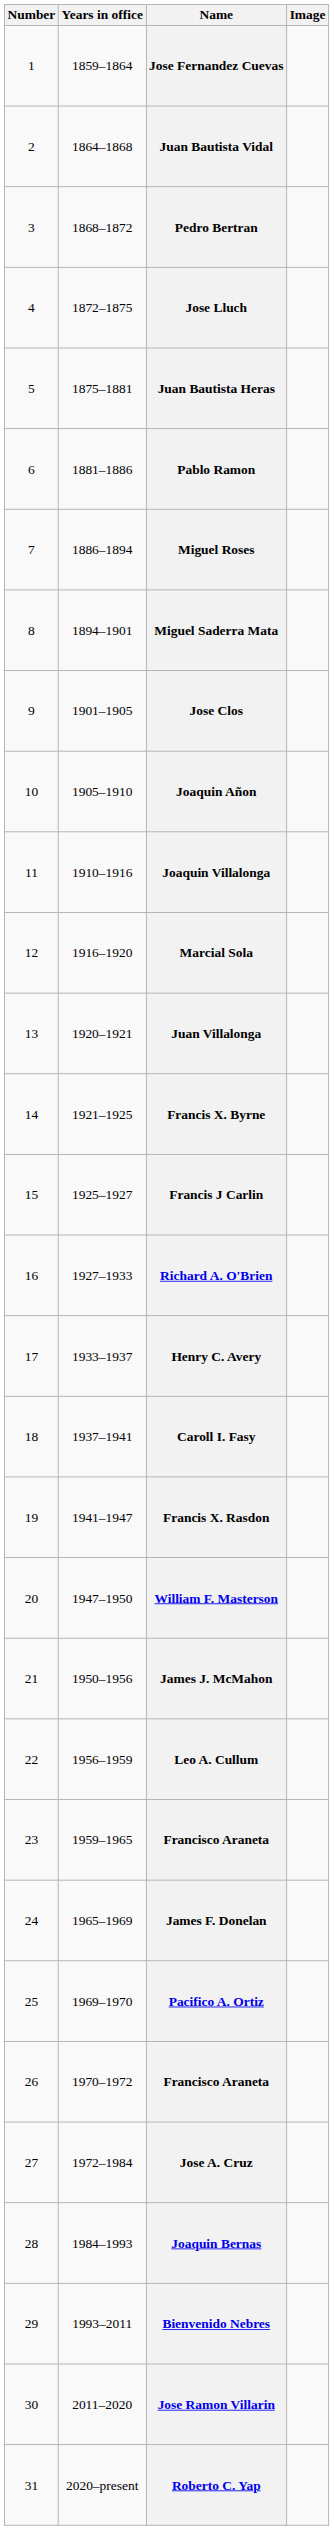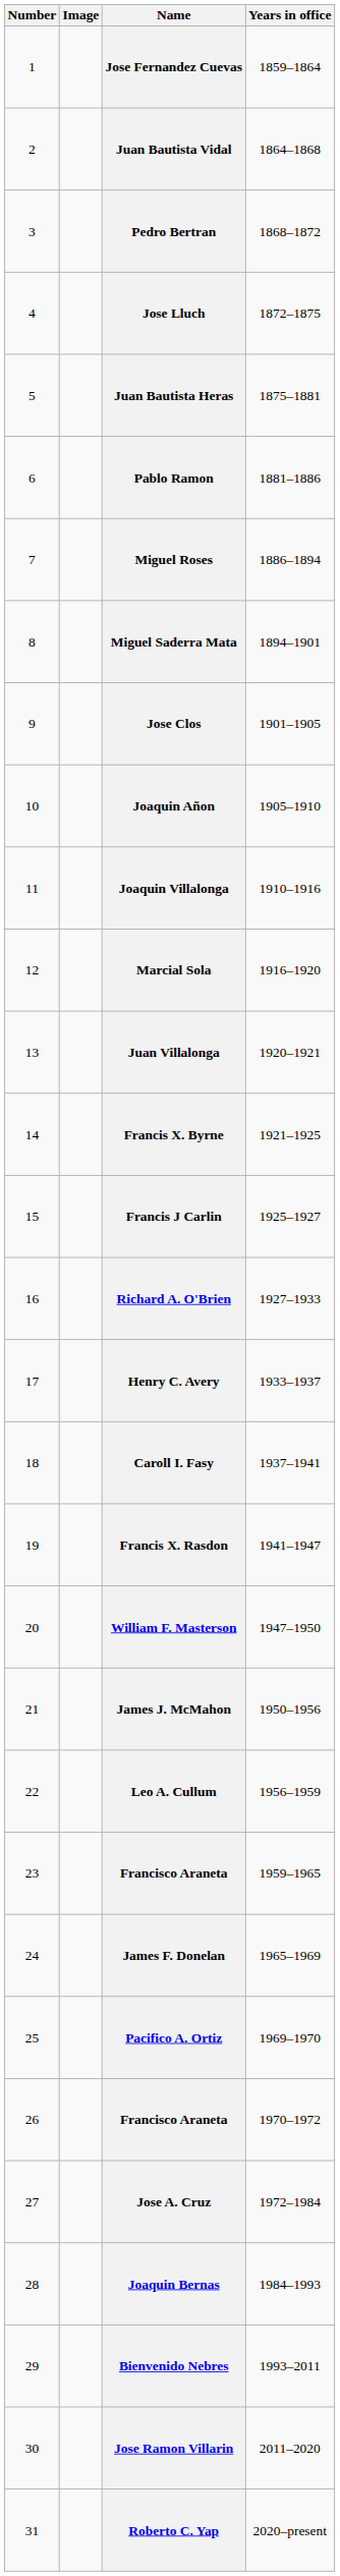 <table class="wikitable sortable" style="text-align:center;" summary="Columns list the order. name tenure. and notes about presidents of the university">
 <tr>
 <th scope="col">Number</th>
+<th scope="col">Image</th>
+<th scope="col">Name</th>
 <th scope="col">Years in office</th>
-<th scope="col">Name</th>
-<th scope="col">Image</th>
 </tr>
 <tr style="height:6em;">
 <td>1</td>
+<td></td>
+<th scope="row" data-sort-value="Monteith, John">Jose Fernandez Cuevas</th>
 <td>1859–1864</td>
-<th scope="row" data-sort-value="Monteith, John">Jose Fernandez Cuevas</th>
-<td></td>
 </tr>
 <tr style="height:6em;">
 <td>2</td>
+<td></td>
+<th scope="row">Juan Bautista Vidal</th>
 <td>1864–1868</td>
-<th scope="row">Juan Bautista Vidal</th>
-<td></td>
 </tr>
 <tr style="height:6em;">
 <td>3</td>
+<td></td>
+<th scope="row">Pedro Bertran</th>
 <td>1868–1872</td>
-<th scope="row">Pedro Bertran</th>
-<td></td>
 </tr>
 <tr style="height:6em;">
 <td>4</td>
+<td></td>
+<th scope="row" data-sort-value="Tappan, Henry Philip">Jose Lluch</th>
 <td>1872–1875</td>
-<th scope="row" data-sort-value="Tappan, Henry Philip">Jose Lluch</th>
-<td></td>
 </tr>
 <tr style="height:6em;">
 <td>5</td>
+<td></td>
+<th scope="row" data-sort-value="Haven, Erastus Otis">Juan Bautista Heras</th>
 <td>1875–1881</td>
-<th scope="row" data-sort-value="Haven, Erastus Otis">Juan Bautista Heras</th>
-<td></td>
 </tr>
 <tr style="height:6em;">
 <td>6</td>
+<td></td>
+<th scope="row" data-sort-value="Frieze, Henry S.">Pablo Ramon</th>
 <td>1881–1886</td>
-<th scope="row" data-sort-value="Frieze, Henry S.">Pablo Ramon</th>
-<td></td>
 </tr>
 <tr style="height:6em;">
 <td>7</td>
+<td></td>
+<th scope="row" data-sort-value="Angell, James Burrill">Miguel Roses</th>
 <td>1886–1894</td>
-<th scope="row" data-sort-value="Angell, James Burrill">Miguel Roses</th>
-<td></td>
 </tr>
 <tr style="height:6em;">
 <td>8</td>
+<td></td>
+<th scope="row" data-sort-value="Frieze, Henry S.">Miguel Saderra Mata</th>
 <td>1894–1901</td>
-<th scope="row" data-sort-value="Frieze, Henry S.">Miguel Saderra Mata</th>
-<td></td>
 </tr>
 <tr style="height:6em;">
 <td>9</td>
+<td></td>
+<th scope="row" data-sort-value="Frieze, Henry S.">Jose Clos</th>
 <td>1901–1905</td>
-<th scope="row" data-sort-value="Frieze, Henry S.">Jose Clos</th>
-<td></td>
 </tr>
 <tr style="height:6em;">
 <td>10</td>
+<td></td>
+<th scope="row" data-sort-value="Hutchins, Harry Burns">Joaquin A<strong>ñon</strong></th>
 <td>1905–1910</td>
-<th scope="row" data-sort-value="Hutchins, Harry Burns">Joaquin A<strong>ñon</strong></th>
-<td></td>
 </tr>
 <tr style="height:6em;">
 <td>11</td>
+<td></td>
+<th scope="row" data-sort-value="Hutchins, Harry Burns">Joaquin Villalonga</th>
 <td>1910–1916</td>
-<th scope="row" data-sort-value="Hutchins, Harry Burns">Joaquin Villalonga</th>
-<td></td>
 </tr>
 <tr style="height:6em;">
 <td>12</td>
+<td></td>
+<th scope="row" data-sort-value="Hutchins, Harry Burns">Marcial Sola</th>
 <td>1916–1920</td>
-<th scope="row" data-sort-value="Hutchins, Harry Burns">Marcial Sola</th>
-<td></td>
 </tr>
 <tr style="height:6em;">
 <td>13</td>
+<td></td>
+<th scope="row" data-sort-value="Burton, Marion LeRoy">Juan Villalonga</th>
 <td>1920–1921</td>
-<th scope="row" data-sort-value="Burton, Marion LeRoy">Juan Villalonga</th>
-<td></td>
 </tr>
 <tr style="height:6em;">
 <td>14</td>
+<td></td>
+<th scope="row" data-sort-value="Lloyd, Alfred Henry">Francis X. Byrne</th>
 <td>1921–1925</td>
-<th scope="row" data-sort-value="Lloyd, Alfred Henry">Francis X. Byrne</th>
-<td></td>
 </tr>
 <tr style="height:6em;">
 <td>15</td>
+<td></td>
+<th scope="row" data-sort-value="Little, Clarence Cook">Francis J Carlin</th>
 <td>1925–1927</td>
-<th scope="row" data-sort-value="Little, Clarence Cook">Francis J Carlin</th>
-<td></td>
 </tr>
 <tr style="height:6em;">
 <td>16</td>
+<td></td>
+<th scope="row" data-sort-value="Ruthven, Alexander Grant"><a href='#'>Richard A. O'Brien</a></th>
 <td>1927–1933</td>
-<th scope="row" data-sort-value="Ruthven, Alexander Grant"><a href='#'>Richard A. O'Brien</a></th>
-<td></td>
 </tr>
 <tr style="height:6em;">
 <td>17</td>
+<td></td>
+<th scope="row" data-sort-value="Hatcher, Harlan">Henry C. Avery</th>
 <td>1933–1937</td>
-<th scope="row" data-sort-value="Hatcher, Harlan">Henry C. Avery</th>
-<td></td>
 </tr>
 <tr style="height:6em;">
 <td>18</td>
+<td></td>
+<th scope="row" data-sort-value="Fleming, Robben Wright">Caroll I. Fasy</th>
 <td>1937–1941</td>
-<th scope="row" data-sort-value="Fleming, Robben Wright">Caroll I. Fasy</th>
-<td></td>
 </tr>
 <tr style="height:6em;">
 <td>19</td>
+<td></td>
+<th scope="row" data-sort-value="Smith, Allan Frederick">Francis X. Rasdon</th>
 <td>1941–1947</td>
-<th scope="row" data-sort-value="Smith, Allan Frederick">Francis X. Rasdon</th>
-<td></td>
 </tr>
 <tr style="height:6em;">
 <td>20</td>
+<td></td>
+<th scope="row" data-sort-value="Shapiro, Harold Tafler"><a href='#'>William F. Masterson</a></th>
 <td>1947–1950</td>
-<th scope="row" data-sort-value="Shapiro, Harold Tafler"><a href='#'>William F. Masterson</a></th>
-<td></td>
 </tr>
 <tr style="height:6em;">
 <td>21</td>
+<td></td>
+<th scope="row" data-sort-value="Fleming, Robben Wright">James J. McMahon</th>
 <td>1950–1956</td>
-<th scope="row" data-sort-value="Fleming, Robben Wright">James J. McMahon</th>
-<td></td>
 </tr>
 <tr style="height:6em;">
 <td>22</td>
+<td></td>
+<th scope="row" data-sort-value="Duderstadt, James Johnson">Leo A. Cullum</th>
 <td>1956–1959</td>
-<th scope="row" data-sort-value="Duderstadt, James Johnson">Leo A. Cullum</th>
-<td></td>
 </tr>
 <tr style="height:6em;">
 <td>23</td>
+<td></td>
+<th scope="row" data-sort-value="Neal, Homer A.">Francisco Araneta</th>
 <td>1959–1965</td>
-<th scope="row" data-sort-value="Neal, Homer A.">Francisco Araneta</th>
-<td></td>
 </tr>
 <tr style="height:6em;">
 <td>24</td>
+<td></td>
+<th scope="row" data-sort-value="Bollinger, Lee C.">James F. Donelan</th>
 <td>1965–1969</td>
-<th scope="row" data-sort-value="Bollinger, Lee C.">James F. Donelan</th>
-<td></td>
 </tr>
 <tr style="height:6em;">
 <td>25</td>
+<td></td>
+<th scope="row" data-sort-value="White, B. Joseph"><a href='#'>Pacifico A. Ortiz</a></th>
 <td>1969–1970</td>
-<th scope="row" data-sort-value="White, B. Joseph"><a href='#'>Pacifico A. Ortiz</a></th>
-<td></td>
 </tr>
 <tr style="height:6em;">
 <td>26</td>
+<td></td>
+<th scope="row" data-sort-value="Coleman, Mary Sue">Francisco Araneta</th>
 <td>1970–1972</td>
-<th scope="row" data-sort-value="Coleman, Mary Sue">Francisco Araneta</th>
-<td></td>
 </tr>
 <tr style="height:6em;">
 <td>27</td>
+<td></td>
+<th scope="row" data-sort-value="Schlissel, Mark S.">Jose A. Cruz</th>
 <td>1972–1984</td>
-<th scope="row" data-sort-value="Schlissel, Mark S.">Jose A. Cruz</th>
-<td></td>
 </tr>
 <tr style="height:6em;">
 <td>28</td>
+<td></td>
+<th><a href='#'>Joaquin Bernas</a></th>
 <td>1984–1993</td>
-<th><a href='#'>Joaquin Bernas</a></th>
-<td></td>
 </tr>
 <tr style="height:6em;">
 <td>29</td>
+<td></td>
+<th><a href='#'>Bienvenido Nebres</a></th>
 <td>1993–2011</td>
-<th><a href='#'>Bienvenido Nebres</a></th>
-<td></td>
 </tr>
 <tr style="height:6em;">
 <td>30</td>
+<td></td>
+<th><a href='#'>Jose Ramon Villarin</a></th>
 <td>2011–2020</td>
-<th><a href='#'>Jose Ramon Villarin</a></th>
-<td></td>
 </tr>
 <tr style="height:6em;">
 <td>31</td>
+<td></td>
+<th><a href='#'>Roberto C. Yap</a></th>
 <td>2020–present</td>
-<th><a href='#'>Roberto C. Yap</a></th>
-<td></td>
 </tr>
 </table>
